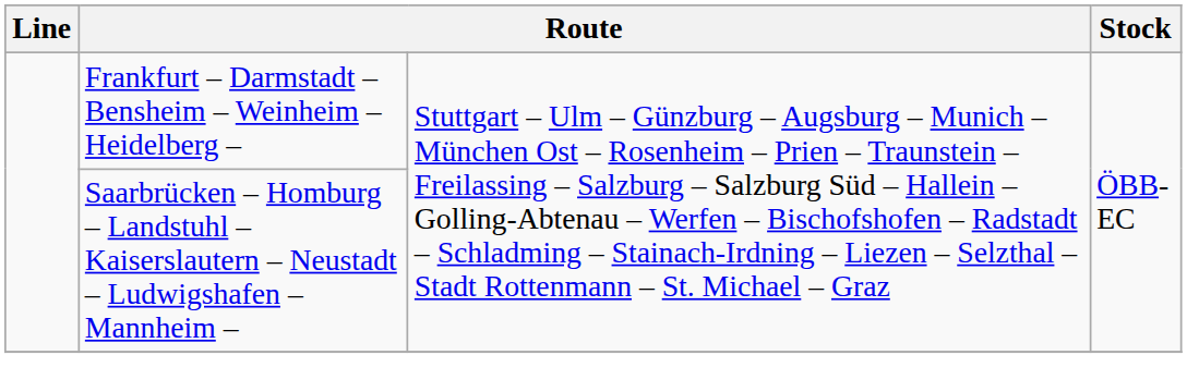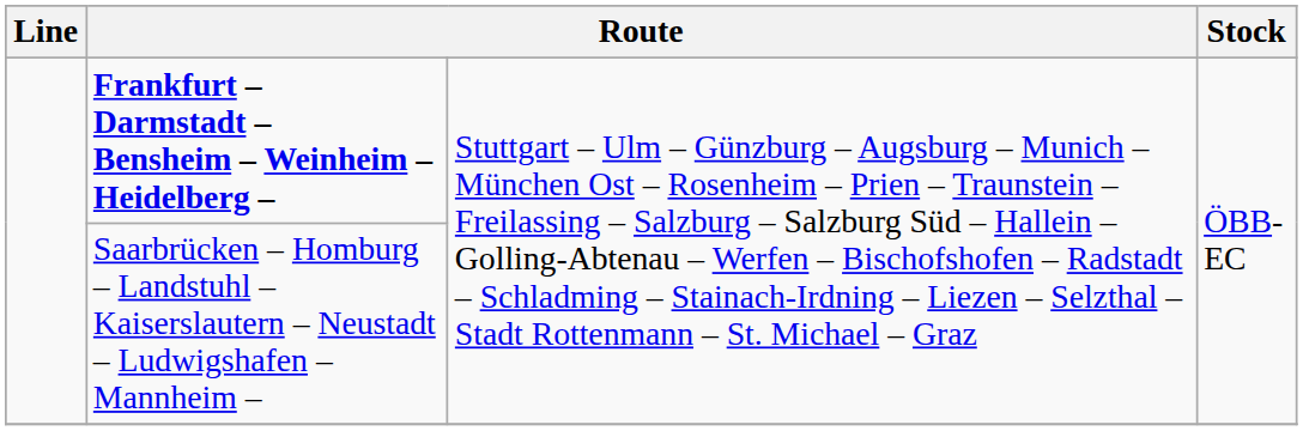 <table class="wikitable" width="100%">
 <tr>
 <th>Line</th>
 <th colspan="2">Route</th>
 <th>Stock</th>
 </tr>
 <tr>
 <td rowspan="2"></td>
-<td><a href='#'>Frankfurt</a> – <a href='#'>Darmstadt</a> – <a href='#'>Bensheim</a> – <a href='#'>Weinheim</a> – <a href='#'>Heidelberg</a> –</td>
+<td><strong><a href='#'>Frankfurt</a> – <a href='#'>Darmstadt</a> – <a href='#'>Bensheim</a> – <a href='#'>Weinheim</a> – <a href='#'>Heidelberg</a> –</strong></td>
 <td rowspan="2"><a href='#'>Stuttgart</a> – <a href='#'>Ulm</a> – <a href='#'>Günzburg</a> – <a href='#'>Augsburg</a> – <a href='#'>Munich</a> –  <a href='#'>München Ost</a> – <a href='#'>Rosenheim</a> – <a href='#'>Prien</a> – <a href='#'>Traunstein</a> – <a href='#'>Freilassing</a> – <a href='#'>Salzburg</a> – Salzburg Süd – <a href='#'>Hallein</a> – Golling-Abtenau – <a href='#'>Werfen</a> – <a href='#'>Bischofshofen</a> – <a href='#'>Radstadt</a> – <a href='#'>Schladming</a> – <a href='#'>Stainach-Irdning</a> – <a href='#'>Liezen</a> – <a href='#'>Selzthal</a> – <a href='#'>Stadt Rottenmann</a> – <a href='#'>St. Michael</a> – <a href='#'>Graz</a></td>
 <td rowspan="2"><a href='#'>ÖBB</a>-EC</td>
 </tr>
 <tr>
 <td><a href='#'>Saarbrücken</a> – <a href='#'>Homburg</a> – <a href='#'>Landstuhl</a> – <a href='#'>Kaiserslautern</a> – <a href='#'>Neustadt</a> – <a href='#'>Ludwigshafen</a> – <a href='#'>Mannheim</a> –</td>
 </tr>
 <tr>
 </tr>
 </table>
